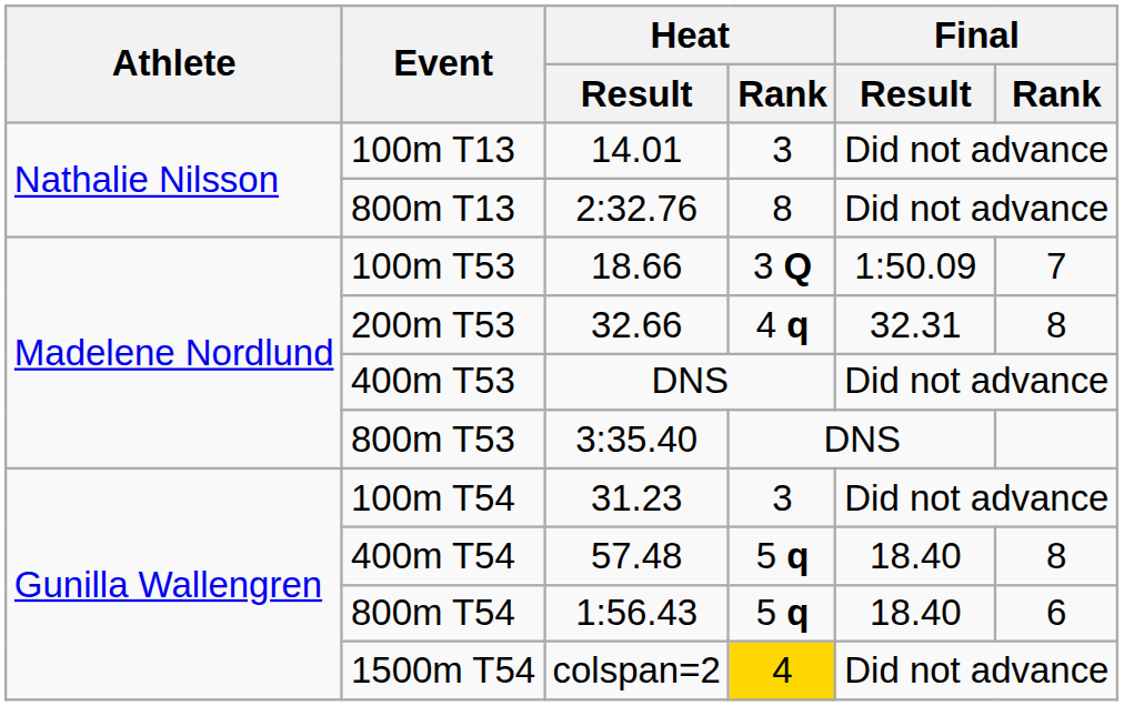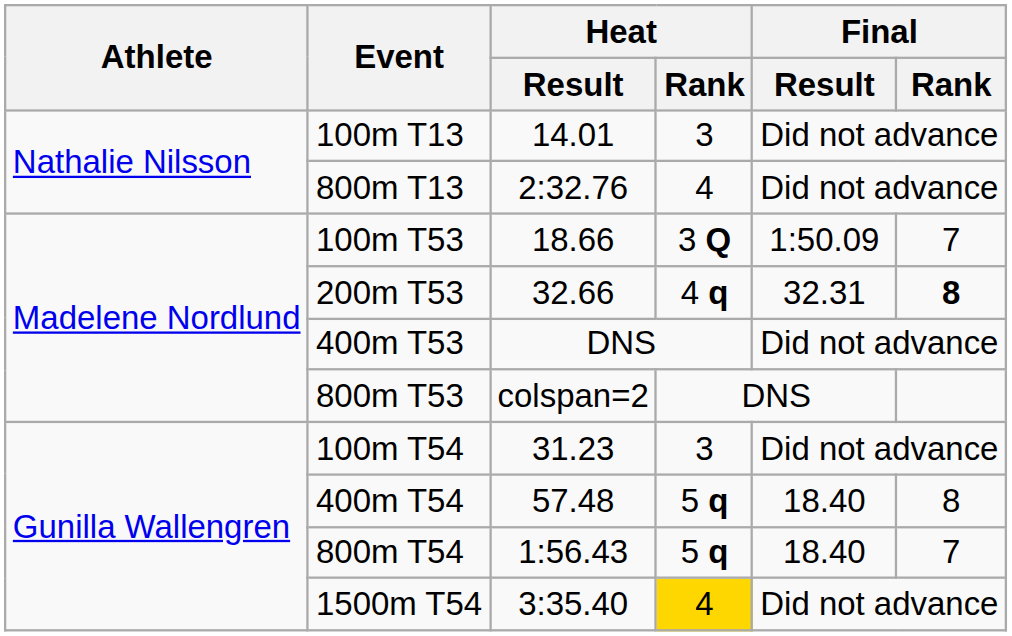 <table class=wikitable style="font-size:90%">
 <tr>
 <th rowspan="2">Athlete</th>
 <th rowspan="2">Event</th>
 <th colspan="2">Heat</th>
 <th colspan="2">Final</th>
 </tr>
 <tr>
 <th>Result</th>
 <th>Rank</th>
 <th>Result</th>
 <th>Rank</th>
 </tr>
 <tr align=center>
 <td align=left rowspan=2><a href='#'>Nathalie Nilsson</a></td>
 <td align=left>100m T13</td>
 <td>14.01</td>
 <td>3</td>
 <td colspan=2>Did not advance</td>
 </tr>
 <tr align=center>
 <td align=left>800m T13</td>
 <td>2:32.76</td>
-<td>8</td>
+<td>4</td>
 <td colspan=2>Did not advance</td>
 </tr>
 <tr align=center>
 <td align=left rowspan=4><a href='#'>Madelene Nordlund</a></td>
 <td align=left>100m T53</td>
 <td>18.66</td>
 <td>3 <strong>Q</strong></td>
 <td>1:50.09</td>
 <td>7</td>
 </tr>
 <tr align=center>
 <td align=left>200m T53</td>
 <td>32.66</td>
 <td>4 <strong>q</strong></td>
 <td>32.31</td>
-<td>8</td>
+<td><strong>8</strong></td>
 </tr>
 <tr align=center>
 <td align=left>400m T53</td>
 <td colspan=2>DNS</td>
 <td colspan=2>Did not advance</td>
 </tr>
 <tr align=center>
 <td align=left>800m T53</td>
-<td>3:35.40</td>
+<td>colspan=2 </td>
 <td colspan=2>DNS</td>
 </tr>
 <tr align=center>
 <td align=left rowspan=4><a href='#'>Gunilla Wallengren</a></td>
 <td align=left>100m T54</td>
 <td>31.23</td>
 <td>3</td>
 <td colspan="2">Did not advance</td>
 </tr>
 <tr align=center>
 <td align=left>400m T54</td>
 <td>57.48</td>
 <td>5 <strong>q</strong></td>
 <td>18.40</td>
 <td>8</td>
 </tr>
 <tr align=center>
 <td align=left>800m T54</td>
 <td>1:56.43</td>
 <td>5 <strong>q</strong></td>
 <td>18.40</td>
-<td>6</td>
+<td>7</td>
 </tr>
 <tr align=center>
 <td align=left>1500m T54</td>
-<td>colspan=2 </td>
+<td>3:35.40</td>
 <td style="background: gold;">4</td>
 <td colspan=2>Did not advance</td>
 </tr>
 </table>
